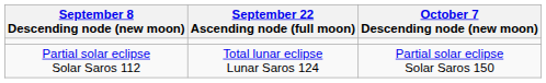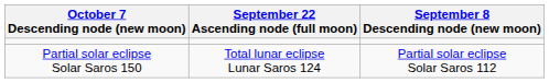 <table class="wikitable">
 <tr>
+<th><a href='#'>October 7</a><br>Descending node (new moon)<br></th>
+<th><a href='#'>September 22</a><br>Ascending node (full moon)<br></th>
 <th><a href='#'>September 8</a><br>Descending node (new moon)<br></th>
-<th><a href='#'>September 22</a><br>Ascending node (full moon)<br></th>
-<th><a href='#'>October 7</a><br>Descending node (new moon)<br></th>
 </tr>
 <tr>
 <td></td>
 <td></td>
 <td></td>
 </tr>
 <tr align=center>
+<td><a href='#'>Partial solar eclipse</a><br>Solar Saros 150</td>
+<td><a href='#'>Total lunar eclipse</a><br>Lunar Saros 124</td>
 <td><a href='#'>Partial solar eclipse</a><br>Solar Saros 112</td>
-<td><a href='#'>Total lunar eclipse</a><br>Lunar Saros 124</td>
-<td><a href='#'>Partial solar eclipse</a><br>Solar Saros 150</td>
 </tr>
 </table>
